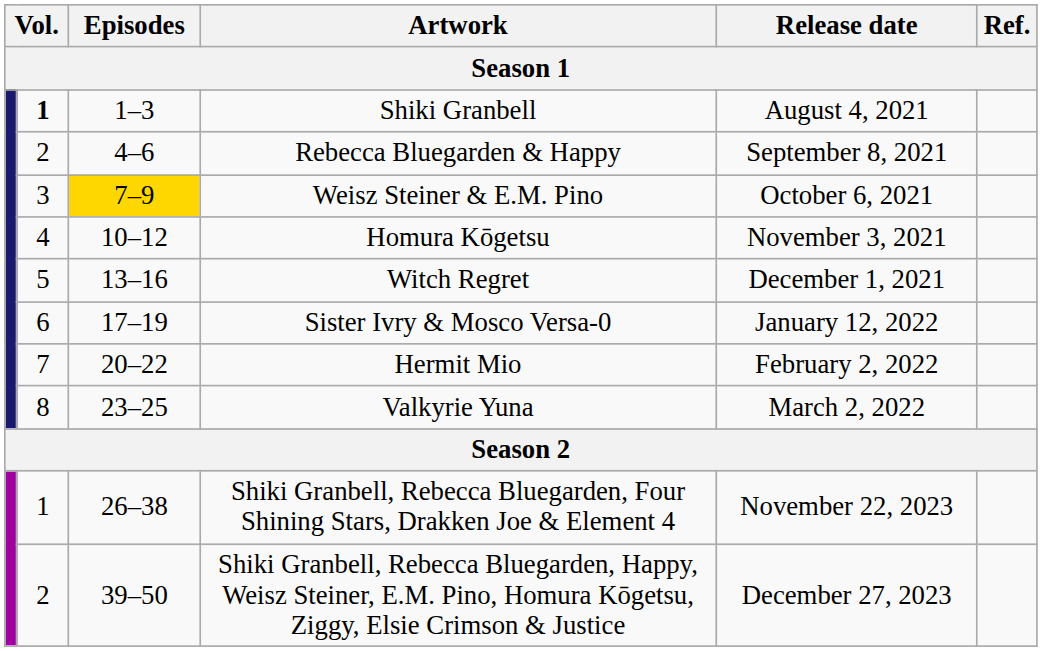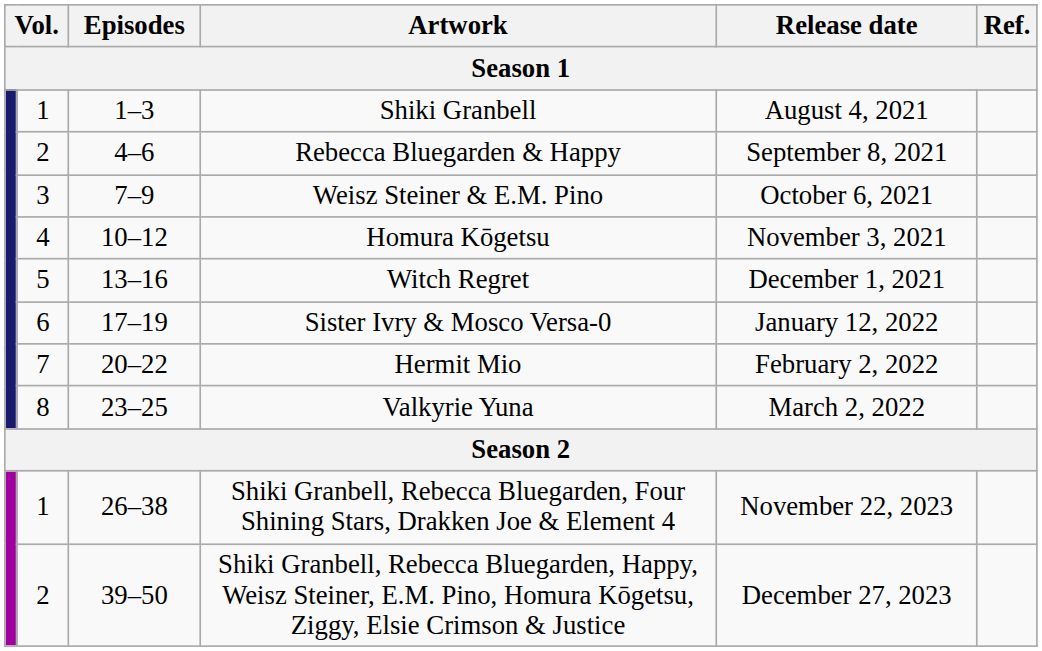 <table class="wikitable" style="text-align: center; width: 70%;">
 <tr>
 <th colspan="2">Vol.</th>
 <th>Episodes</th>
 <th width="50%">Artwork</th>
 <th>Release date</th>
 <th width="5%">Ref.</th>
 </tr>
 <tr>
 <th colspan="6">Season 1</th>
 </tr>
 <tr>
 <td rowspan="8" width="1%" style="background: #191970;"></td>
-<td><strong>1</strong></td>
+<td>1</td>
 <td>1–3</td>
 <td>Shiki Granbell</td>
 <td>August 4, 2021</td>
 <td></td>
 </tr>
 <tr>
 <td>2</td>
 <td>4–6</td>
 <td>Rebecca Bluegarden & Happy</td>
 <td>September 8, 2021</td>
 <td></td>
 </tr>
 <tr>
 <td>3</td>
-<td style="background: gold;">7–9</td>
+<td>7–9</td>
 <td>Weisz Steiner & E.M. Pino</td>
 <td>October 6, 2021</td>
 <td></td>
 </tr>
 <tr>
 <td>4</td>
 <td>10–12</td>
 <td>Homura Kōgetsu</td>
 <td>November 3, 2021</td>
 <td></td>
 </tr>
 <tr>
 <td>5</td>
 <td>13–16</td>
 <td>Witch Regret</td>
 <td>December 1, 2021</td>
 <td></td>
 </tr>
 <tr>
 <td>6</td>
 <td>17–19</td>
 <td>Sister Ivry & Mosco Versa-0</td>
 <td>January 12, 2022</td>
 <td></td>
 </tr>
 <tr>
 <td>7</td>
 <td>20–22</td>
 <td>Hermit Mio</td>
 <td>February 2, 2022</td>
 <td></td>
 </tr>
 <tr>
 <td>8</td>
 <td>23–25</td>
 <td>Valkyrie Yuna</td>
 <td>March 2, 2022</td>
 <td></td>
 </tr>
 <tr>
 <th colspan="6">Season 2</th>
 </tr>
 <tr>
 <td rowspan="2" width="1%" style="background: #9F009F;"></td>
 <td>1</td>
 <td>26–38</td>
 <td>Shiki Granbell, Rebecca Bluegarden, Four Shining Stars, Drakken Joe & Element 4</td>
 <td>November 22, 2023</td>
 <td></td>
 </tr>
 <tr>
 <td>2</td>
 <td>39–50</td>
 <td>Shiki Granbell, Rebecca Bluegarden, Happy, Weisz Steiner, E.M. Pino, Homura Kōgetsu, Ziggy, Elsie Crimson & Justice</td>
 <td>December 27, 2023</td>
 <td></td>
 </tr>
 </table>
